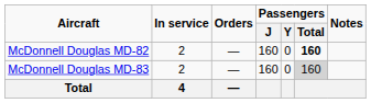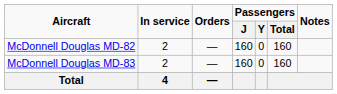 <table class="wikitable toccolours" border="1" cellpadding="3" style="margin:1em auto; border-collapse:collapse;text-align:center">
 <tr>
 <td rowspan="2"><strong>Aircraft</strong></td>
 <td rowspan="2"><strong>In service</strong></td>
 <td rowspan="2"><strong>Orders</strong></td>
 <td colspan="3"><strong>Passengers</strong></td>
 <td rowspan="2"><strong>Notes</strong></td>
 </tr>
 <tr>
 <th>J</th>
 <th>Y</th>
 <th>Total</th>
 </tr>
 <tr>
 <td><a href='#'>McDonnell Douglas MD-82</a></td>
 <td>2</td>
 <td>—</td>
 <td>160</td>
 <td>0</td>
-<td><strong>160</strong></td>
+<td>160</td>
 <td></td>
 </tr>
 <tr>
 <td><a href='#'>McDonnell Douglas MD-83</a></td>
 <td>2</td>
 <td>—</td>
 <td>160</td>
 <td>0</td>
-<td style="background: lightgrey;">160</td>
+<td>160</td>
 <td></td>
 </tr>
 <tr>
 <th>Total</th>
 <th>4</th>
 <th>—</th>
 <th></th>
 <th></th>
 <th colspan="3"></th>
 </tr>
 </table>
